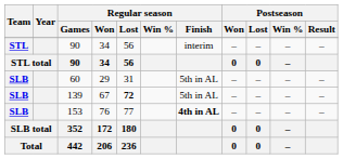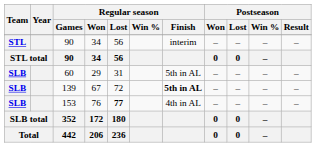 <table class="wikitable" style="font-size: 95%; text-align:center;">
 <tr>
 <th rowspan="2">Team</th>
 <th rowspan="2">Year</th>
 <th colspan="5">Regular season</th>
 <th colspan="4">Postseason</th>
 </tr>
 <tr>
 <th>Games</th>
 <th>Won</th>
 <th>Lost</th>
 <th>Win %</th>
 <th>Finish</th>
 <th>Won</th>
 <th>Lost</th>
 <th>Win %</th>
 <th>Result</th>
 </tr>
 <tr>
 </tr>
 <tr>
 <th><a href='#'>STL</a></th>
 <th></th>
 <td>90</td>
 <td>34</td>
 <td>56</td>
 <td></td>
 <td>interim</td>
 <td>–</td>
 <td>–</td>
 <td>–</td>
 <td>–</td>
 </tr>
 <tr>
 <th colspan="2">STL total</th>
 <th>90</th>
 <th>34</th>
 <th>56</th>
 <th></th>
 <th></th>
 <th>0</th>
 <th>0</th>
 <th>–</th>
 <th></th>
 </tr>
 <tr>
 <th><a href='#'>SLB</a></th>
 <th></th>
 <td>60</td>
 <td>29</td>
 <td>31</td>
 <td></td>
 <td>5th in AL</td>
 <td>–</td>
 <td>–</td>
 <td>–</td>
 <td>–</td>
 </tr>
 <tr>
 <th><a href='#'>SLB</a></th>
 <th></th>
 <td>139</td>
 <td>67</td>
-<td><strong>72</strong></td>
+<td>72</td>
 <td></td>
-<td>5th in AL</td>
+<td><strong>5th in AL</strong></td>
 <td>–</td>
 <td>–</td>
 <td>–</td>
 <td>–</td>
 </tr>
 <tr>
 <th><a href='#'>SLB</a></th>
 <th></th>
 <td>153</td>
 <td>76</td>
-<td>77</td>
+<td><strong>77</strong></td>
 <td></td>
-<td><strong>4th in AL</strong></td>
+<td>4th in AL</td>
 <td>–</td>
 <td>–</td>
 <td>–</td>
 <td>–</td>
 </tr>
 <tr>
 <th colspan="2">SLB total</th>
 <th>352</th>
 <th>172</th>
 <th>180</th>
 <th></th>
 <th></th>
 <th>0</th>
 <th>0</th>
 <th>–</th>
 <th></th>
 </tr>
 <tr>
 <th colspan="2">Total</th>
 <th>442</th>
 <th>206</th>
 <th>236</th>
 <th></th>
 <th></th>
 <th>0</th>
 <th>0</th>
 <th>–</th>
 <th></th>
 </tr>
 </table>
